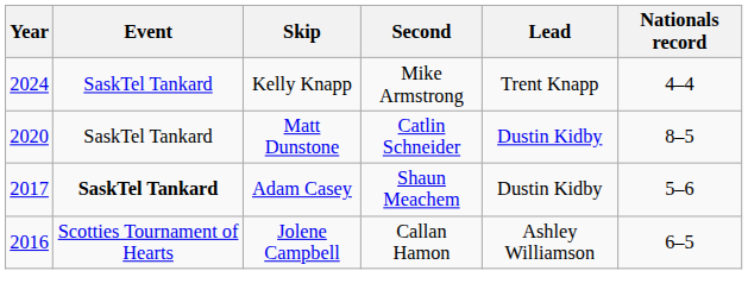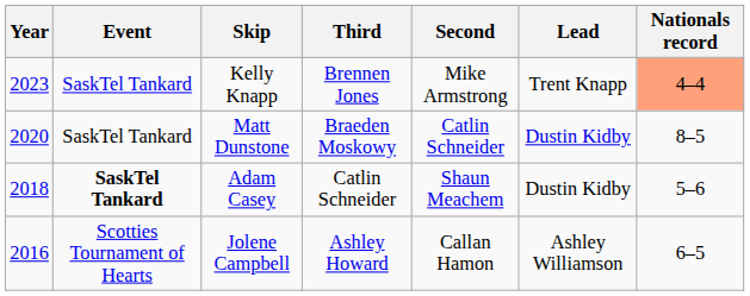 <table class="wikitable">
 <tr>
 <th scope="col">Year</th>
 <th scope="col">Event</th>
 <th scope="col">Skip</th>
+<th scope="col">Third</th>
 <th scope="col">Second</th>
 <th scope="col">Lead</th>
 <th scope="col">Nationals record</th>
 </tr>
 <tr style="text-align:center;">
-<td><a href='#'>2024</a></td>
+<td><a href='#'>2023</a></td>
 <td><a href='#'>SaskTel Tankard</a></td>
 <td>Kelly Knapp</td>
+<td><a href='#'>Brennen Jones</a></td>
 <td>Mike Armstrong</td>
 <td>Trent Knapp</td>
-<td>4–4</td>
+<td style="background: lightsalmon;">4–4</td>
 </tr>
 <tr style="text-align:center;">
 <td><a href='#'>2020</a></td>
 <td>SaskTel Tankard</td>
 <td><a href='#'>Matt Dunstone</a></td>
+<td><a href='#'>Braeden Moskowy</a></td>
 <td><a href='#'>Catlin Schneider</a></td>
 <td><a href='#'>Dustin Kidby</a></td>
 <td>8–5</td>
 </tr>
 <tr style="text-align:center;">
-<td><a href='#'>2017</a></td>
+<td><a href='#'>2018</a></td>
 <td><strong>SaskTel Tankard</strong></td>
 <td><a href='#'>Adam Casey</a></td>
+<td>Catlin Schneider</td>
 <td><a href='#'>Shaun Meachem</a></td>
 <td>Dustin Kidby</td>
 <td>5–6</td>
 </tr>
 <tr style="text-align:center;">
 <td><a href='#'>2016</a></td>
 <td><a href='#'>Scotties Tournament of Hearts</a></td>
 <td><a href='#'>Jolene Campbell</a></td>
+<td><a href='#'>Ashley Howard</a></td>
 <td>Callan Hamon</td>
 <td>Ashley Williamson</td>
 <td>6–5</td>
 </tr>
 </table>
